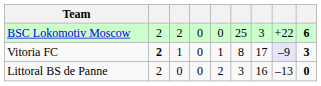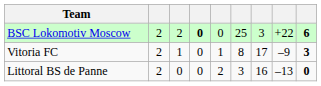 <table class="wikitable" style="text-align: center;">
 <tr>
 <th width="185">Team</th>
 <th width="20"></th>
 <th width="20"></th>
 <th width="20"></th>
 <th width="20"></th>
 <th width="20"></th>
 <th width="20"></th>
 <th width="25"></th>
 <th width="20"></th>
 </tr>
 <tr bgcolor=#ccffcc>
 <td align=left> <a href='#'>BSC Lokomotiv Moscow</a></td>
 <td>2</td>
 <td>2</td>
-<td>0</td>
+<td><strong>0</strong></td>
 <td>0</td>
 <td>25</td>
 <td>3</td>
 <td>+22</td>
 <td><strong>6</strong></td>
 </tr>
 <tr>
 <td align=left> Vitoria FC</td>
-<td><strong>2</strong></td>
+<td>2</td>
 <td>1</td>
 <td>0</td>
 <td>1</td>
 <td>8</td>
 <td>17</td>
-<td style="background: lavender;">–9</td>
+<td>–9</td>
 <td><strong>3</strong></td>
 </tr>
 <tr>
 <td align=left> Littoral BS de Panne</td>
 <td>2</td>
 <td>0</td>
 <td>0</td>
 <td>2</td>
 <td>3</td>
 <td>16</td>
 <td>–13</td>
 <td><strong>0</strong></td>
 </tr>
 </table>
